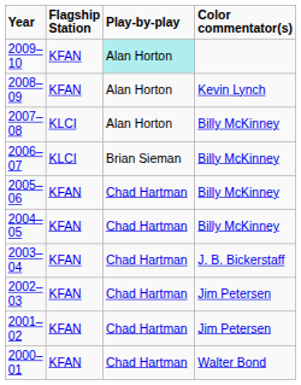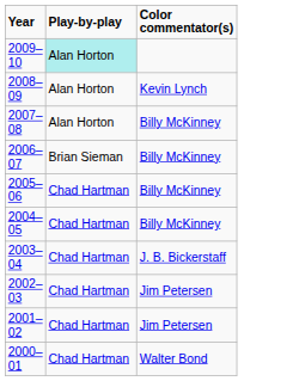 <table class="wikitable">
 <tr>
 <td style="width:40px; "><strong>Year</strong></td>
-<td style="width:40px; "><strong>Flagship Station</strong></td>
 <td style="width:110px; "><strong>Play-by-play</strong></td>
 <td style="width:110px; "><strong>Color commentator(s)</strong></td>
 </tr>
 <tr>
 <td><a href='#'>2009–10</a></td>
-<td><a href='#'>KFAN</a></td>
 <td style="background: paleturquoise;">Alan Horton</td>
 <td></td>
 </tr>
 <tr>
 <td><a href='#'>2008–09</a></td>
-<td><a href='#'>KFAN</a></td>
 <td>Alan Horton</td>
 <td><a href='#'>Kevin Lynch</a></td>
 </tr>
 <tr>
 <td><a href='#'>2007–08</a></td>
-<td><a href='#'>KLCI</a></td>
 <td>Alan Horton</td>
 <td><a href='#'>Billy McKinney</a></td>
 </tr>
 <tr>
 <td><a href='#'>2006–07</a></td>
-<td><a href='#'>KLCI</a></td>
 <td>Brian Sieman</td>
 <td><a href='#'>Billy McKinney</a></td>
 </tr>
 <tr>
 <td><a href='#'>2005–06</a></td>
-<td><a href='#'>KFAN</a></td>
 <td><a href='#'>Chad Hartman</a></td>
 <td><a href='#'>Billy McKinney</a></td>
 </tr>
 <tr>
 <td><a href='#'>2004–05</a></td>
-<td><a href='#'>KFAN</a></td>
 <td><a href='#'>Chad Hartman</a></td>
 <td><a href='#'>Billy McKinney</a></td>
 </tr>
 <tr>
 <td><a href='#'>2003–04</a></td>
-<td><a href='#'>KFAN</a></td>
 <td><a href='#'>Chad Hartman</a></td>
 <td><a href='#'>J. B. Bickerstaff</a></td>
 </tr>
 <tr>
 <td><a href='#'>2002–03</a></td>
-<td><a href='#'>KFAN</a></td>
 <td><a href='#'>Chad Hartman</a></td>
 <td><a href='#'>Jim Petersen</a></td>
 </tr>
 <tr>
 <td><a href='#'>2001–02</a></td>
-<td><a href='#'>KFAN</a></td>
 <td><a href='#'>Chad Hartman</a></td>
 <td><a href='#'>Jim Petersen</a></td>
 </tr>
 <tr>
 <td><a href='#'>2000–01</a></td>
-<td><a href='#'>KFAN</a></td>
 <td><a href='#'>Chad Hartman</a></td>
 <td><a href='#'>Walter Bond</a></td>
 </tr>
 </table>
